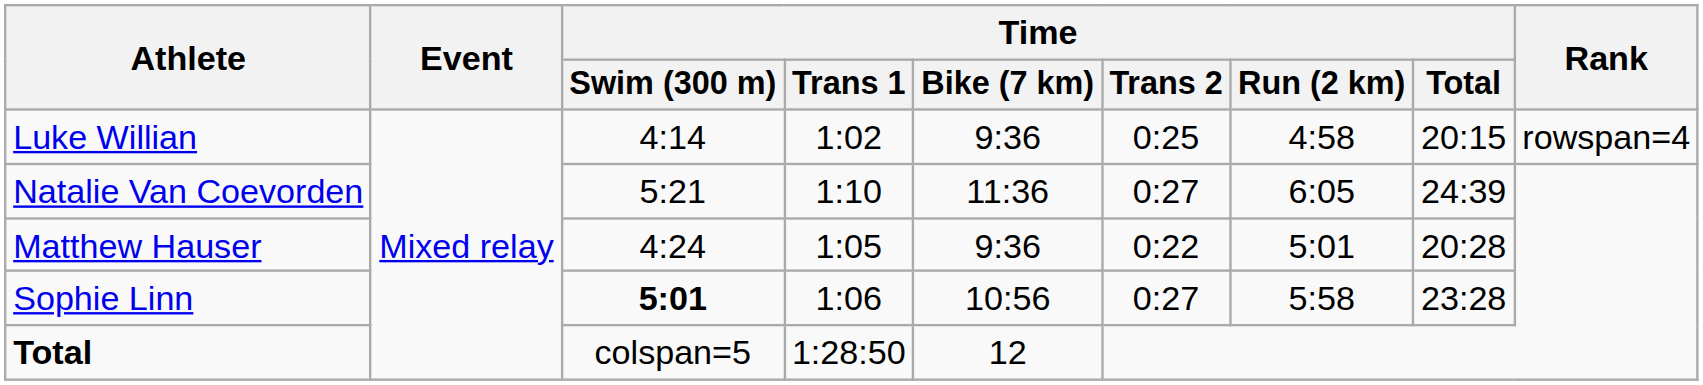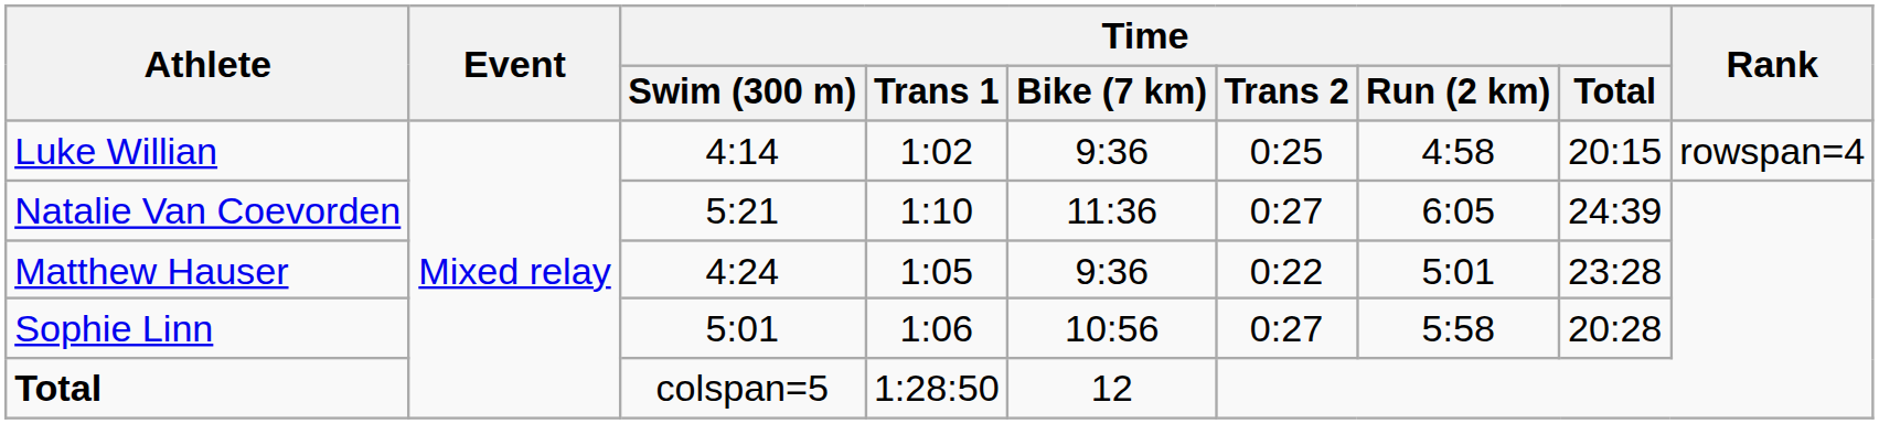 <table class=wikitable style=font-size:90%;text-align:center>
 <tr>
 <th rowspan=2>Athlete</th>
 <th rowspan=2>Event</th>
 <th colspan=6>Time</th>
 <th rowspan=2>Rank</th>
 </tr>
 <tr style=font-size:95%>
 <th>Swim (300 m)</th>
 <th>Trans 1</th>
 <th>Bike (7 km)</th>
 <th>Trans 2</th>
 <th>Run (2 km)</th>
 <th>Total</th>
 </tr>
 <tr>
 <td align=left><a href='#'>Luke Willian</a></td>
 <td align=left rowspan=5><a href='#'>Mixed relay</a></td>
 <td>4:14</td>
 <td>1:02</td>
 <td>9:36</td>
 <td>0:25</td>
 <td>4:58</td>
 <td>20:15</td>
 <td>rowspan=4 </td>
 </tr>
 <tr>
 <td align=left><a href='#'>Natalie Van Coevorden</a></td>
 <td>5:21</td>
 <td>1:10</td>
 <td>11:36</td>
 <td>0:27</td>
 <td>6:05</td>
 <td>24:39</td>
 </tr>
 <tr>
 <td align=left><a href='#'>Matthew Hauser</a></td>
 <td>4:24</td>
 <td>1:05</td>
 <td>9:36</td>
 <td>0:22</td>
 <td>5:01</td>
-<td>20:28</td>
+<td>23:28</td>
 </tr>
 <tr>
 <td align=left><a href='#'>Sophie Linn</a></td>
-<td><strong>5:01</strong></td>
+<td>5:01</td>
 <td>1:06</td>
 <td>10:56</td>
 <td>0:27</td>
 <td>5:58</td>
-<td>23:28</td>
+<td>20:28</td>
 </tr>
 <tr>
 <td align=left><strong>Total</strong></td>
 <td>colspan=5 </td>
 <td>1:28:50</td>
 <td>12</td>
 </tr>
 </table>
